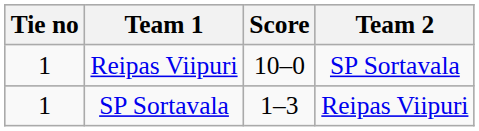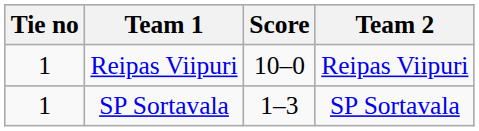 <table class="wikitable" style="text-align:center">
 <tr>
 <th style= width="40px">Tie no</th>
 <th style= width="150px">Team 1</th>
 <th style= width="60px">Score</th>
 <th style= width="150px">Team 2</th>
 </tr>
 <tr>
 <td>1</td>
 <td><a href='#'>Reipas Viipuri</a></td>
 <td>10–0</td>
-<td><a href='#'>SP Sortavala</a></td>
+<td><a href='#'>Reipas Viipuri</a></td>
 </tr>
 <tr>
 <td>1</td>
 <td><a href='#'>SP Sortavala</a></td>
 <td>1–3</td>
-<td><a href='#'>Reipas Viipuri</a></td>
+<td><a href='#'>SP Sortavala</a></td>
 </tr>
 </table>
